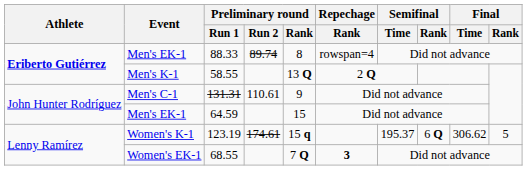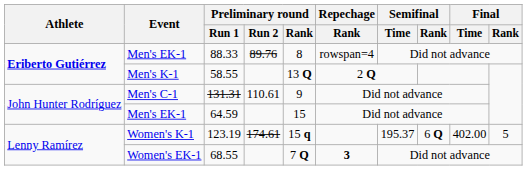 <table class="wikitable" style="font-size:90%;text-align:center">
 <tr>
 <th rowspan=2>Athlete</th>
 <th rowspan=2>Event</th>
 <th colspan=3>Preliminary round</th>
 <th>Repechage</th>
 <th colspan=2>Semifinal</th>
 <th colspan=2>Final</th>
 </tr>
 <tr style=font-size:95%>
 <th>Run 1</th>
 <th>Run 2</th>
 <th>Rank</th>
 <th>Rank</th>
 <th>Time</th>
 <th>Rank</th>
 <th>Time</th>
 <th>Rank</th>
 </tr>
 <tr>
 <td style="text-align:left" rowspan=2><strong><a href='#'>Eriberto Gutiérrez</a></strong></td>
 <td align=left><a href='#'>Men's EK-1</a></td>
 <td>88.33</td>
-<td><s>89.74</s></td>
+<td><s>89.76</s></td>
 <td>8</td>
 <td>rowspan=4 </td>
 <td colspan=4>Did not advance</td>
 </tr>
 <tr>
 <td style="text-align:left"><a href='#'>Men's K-1</a></td>
 <td>58.55</td>
 <td></td>
 <td>13 <strong>Q</strong></td>
 <td colspan=2>2 <strong>Q</strong></td>
 <td colspan=2></td>
 </tr>
 <tr>
 <td align=left rowspan=2><a href='#'>John Hunter Rodríguez</a></td>
 <td align=left><a href='#'>Men's C-1</a></td>
 <td><s>131.31</s></td>
 <td>110.61</td>
 <td>9</td>
 <td colspan=4>Did not advance</td>
 </tr>
 <tr>
 <td align=left><a href='#'>Men's EK-1</a></td>
 <td>64.59</td>
 <td></td>
 <td>15</td>
 <td colspan=4>Did not advance</td>
 </tr>
 <tr>
 <td style="text-align:left" rowspan=2><a href='#'>Lenny Ramírez</a></td>
 <td style="text-align:left"><a href='#'>Women's K-1</a></td>
 <td>123.19</td>
 <td><s>174.61</s></td>
 <td>15 <strong>q</strong></td>
 <td></td>
 <td>195.37</td>
 <td>6 <strong>Q</strong></td>
-<td>306.62</td>
+<td>402.00</td>
 <td>5</td>
 </tr>
 <tr>
 <td align=left><a href='#'>Women's EK-1</a></td>
 <td>68.55</td>
 <td></td>
 <td>7 <strong>Q</strong></td>
 <td><strong>3</strong></td>
 <td colspan=4>Did not advance</td>
 </tr>
 </table>
